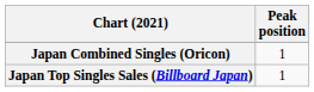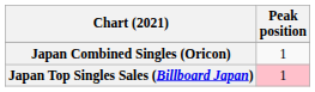 <table class="wikitable sortable plainrowheaders" style="text-align:center">
 <tr>
 <th scope="col">Chart (2021)</th>
 <th scope="col">Peak<br>position</th>
 </tr>
 <tr>
 </tr>
 <tr>
 <th scope="row">Japan Combined Singles (Oricon)</th>
 <td>1</td>
 </tr>
 <tr>
 <th scope="row">Japan Top Singles Sales (<em><a href='#'>Billboard Japan</a></em>)</th>
-<td>1</td>
+<td style="background: pink;">1</td>
 </tr>
 </table>
